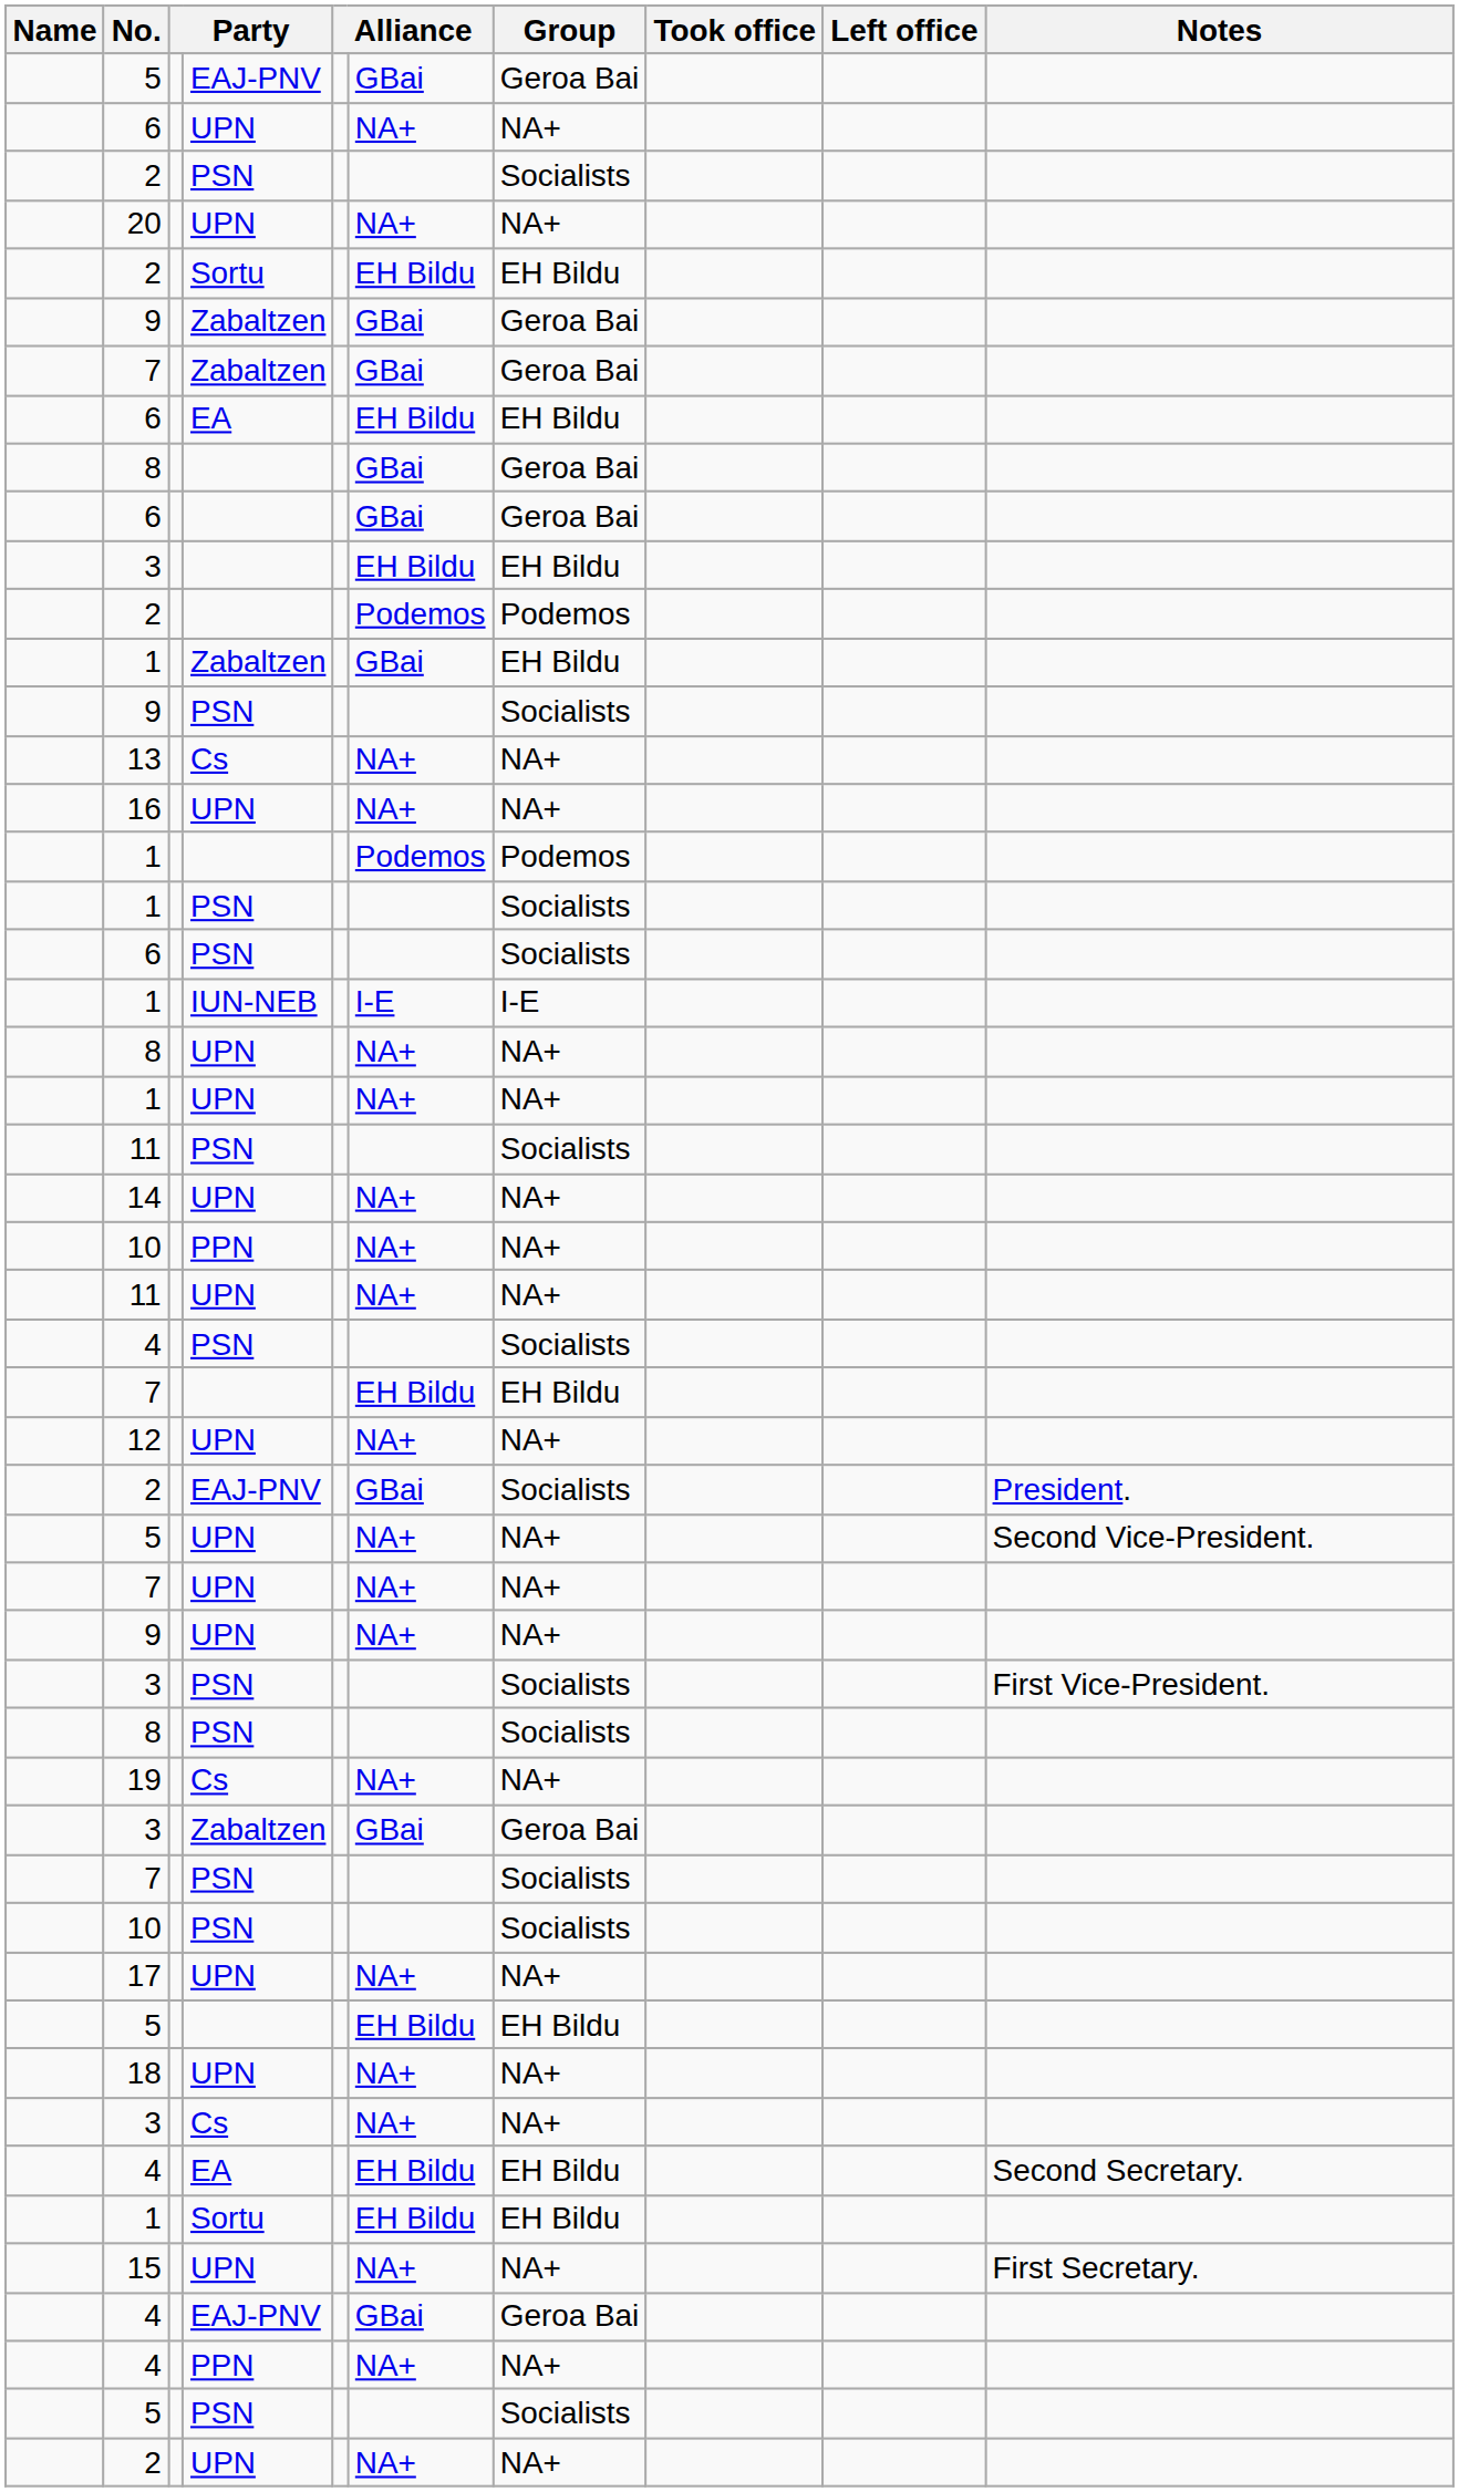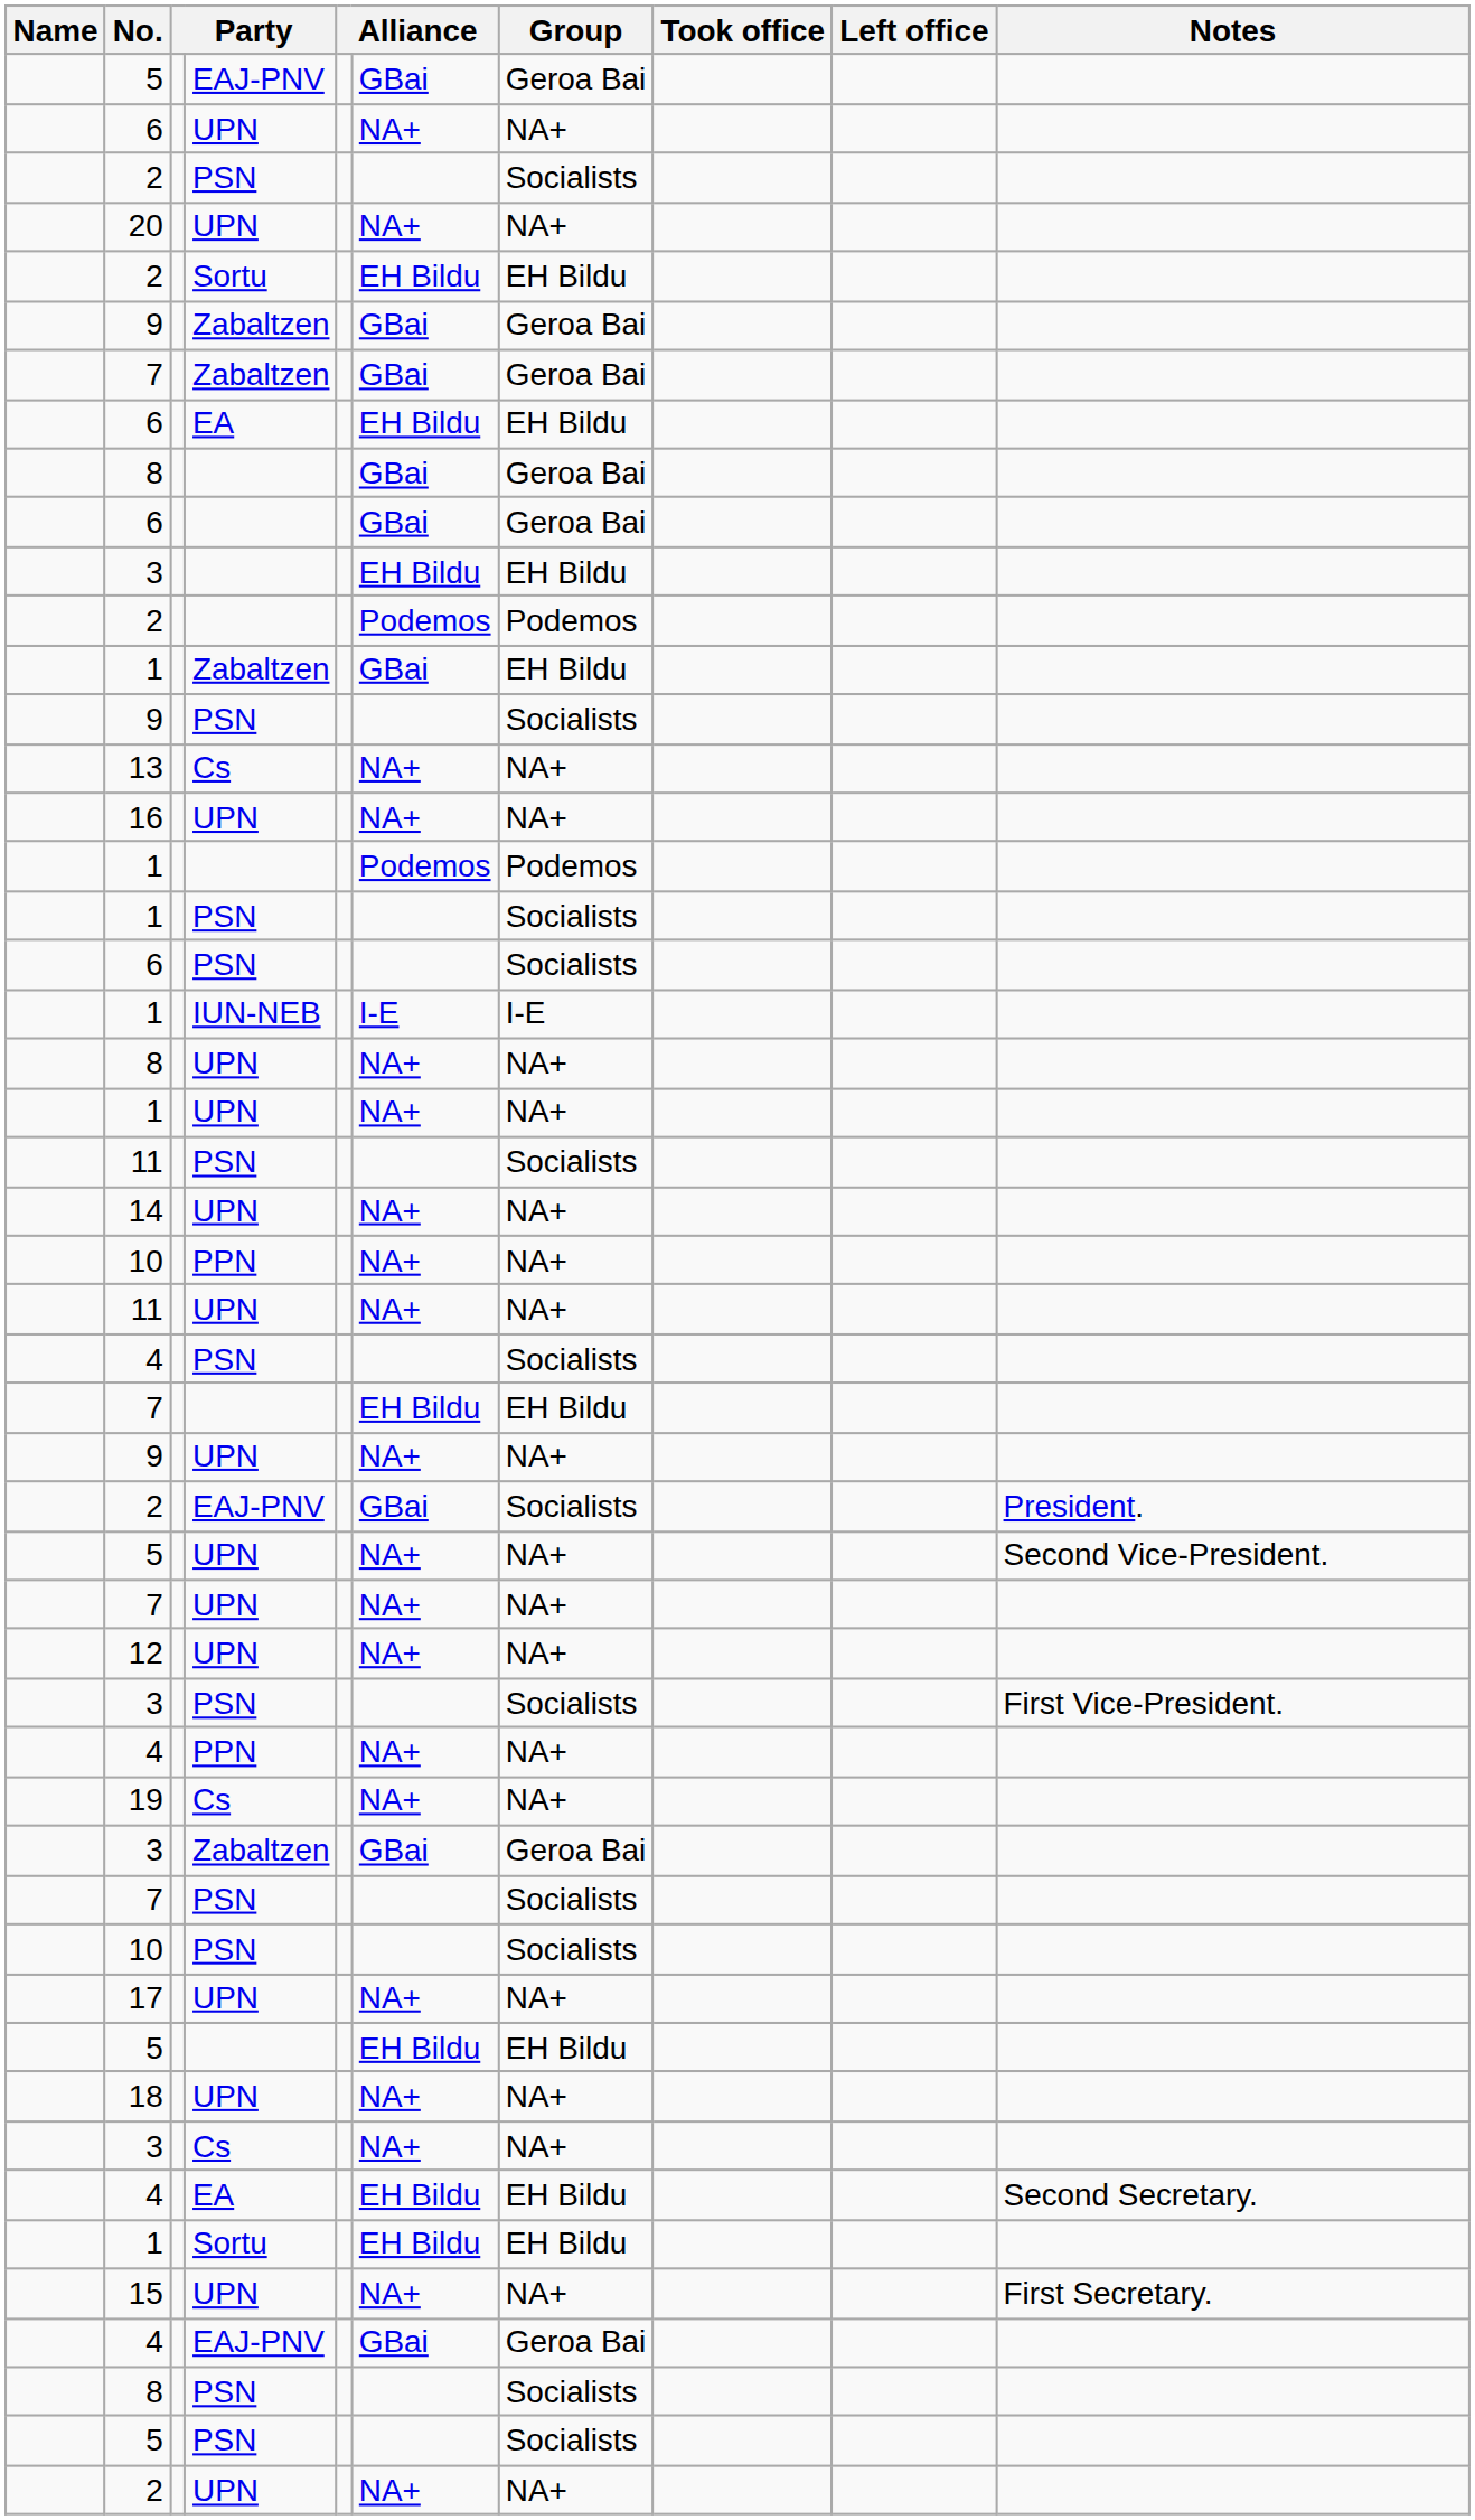 <table class="wikitable plainrowheaders sortable" style="font-size:85%; text-align:left;">
 <tr>
 <th scope=col>Name</th>
 <th scope=col>No.</th>
 <th scope=col colspan="2">Party</th>
 <th scope=col colspan="2">Alliance</th>
 <th scope=col>Group</th>
 <th scope=col>Took office</th>
 <th scope=col>Left office</th>
 <th scope=col width="200">Notes</th>
 </tr>
 <tr>
 <td></td>
 <td align=right>5</td>
 <td style="background:"></td>
 <td><a href='#'>EAJ-PNV</a></td>
 <td style="background:"></td>
 <td><a href='#'>GBai</a></td>
 <td>Geroa Bai</td>
 <td align=center></td>
 <td></td>
 <td></td>
 </tr>
 <tr>
 <td></td>
 <td align=right>6</td>
 <td style="background:"></td>
 <td><a href='#'>UPN</a></td>
 <td style="background:"></td>
 <td><a href='#'>NA+</a></td>
 <td>NA+</td>
 <td align=center></td>
 <td></td>
 <td></td>
 </tr>
 <tr>
 <td></td>
 <td align=right>2</td>
 <td style="background:"></td>
 <td><a href='#'>PSN</a></td>
 <td></td>
 <td></td>
 <td>Socialists</td>
 <td align=center></td>
 <td></td>
 <td></td>
 </tr>
 <tr>
 <td></td>
 <td align=right>20</td>
 <td style="background:"></td>
 <td><a href='#'>UPN</a></td>
 <td style="background:"></td>
 <td><a href='#'>NA+</a></td>
 <td>NA+</td>
 <td align=center></td>
 <td></td>
 <td></td>
 </tr>
 <tr>
 <td></td>
 <td align=right>2</td>
 <td style="background:"></td>
 <td><a href='#'>Sortu</a></td>
 <td style="background:"></td>
 <td><a href='#'>EH Bildu</a></td>
 <td>EH Bildu</td>
 <td align=center></td>
 <td></td>
 <td></td>
 </tr>
 <tr>
 <td></td>
 <td align=right>9</td>
 <td style="background:"></td>
 <td><a href='#'>Zabaltzen</a></td>
 <td style="background:"></td>
 <td><a href='#'>GBai</a></td>
 <td>Geroa Bai</td>
 <td align=center></td>
 <td></td>
 <td></td>
 </tr>
 <tr>
 <td></td>
 <td align=right>7</td>
 <td style="background:"></td>
 <td><a href='#'>Zabaltzen</a></td>
 <td style="background:"></td>
 <td><a href='#'>GBai</a></td>
 <td>Geroa Bai</td>
 <td align=center></td>
 <td></td>
 <td></td>
 </tr>
 <tr>
 <td></td>
 <td align=right>6</td>
 <td style="background:"></td>
 <td><a href='#'>EA</a></td>
 <td style="background:"></td>
 <td><a href='#'>EH Bildu</a></td>
 <td>EH Bildu</td>
 <td align=center></td>
 <td></td>
 <td></td>
 </tr>
 <tr>
 <td></td>
 <td align=right>8</td>
 <td></td>
 <td></td>
 <td style="background:"></td>
 <td><a href='#'>GBai</a></td>
 <td>Geroa Bai</td>
 <td align=center></td>
 <td></td>
 <td></td>
 </tr>
 <tr>
 <td></td>
 <td align=right>6</td>
 <td></td>
 <td></td>
 <td style="background:"></td>
 <td><a href='#'>GBai</a></td>
 <td>Geroa Bai</td>
 <td align=center></td>
 <td></td>
 <td></td>
 </tr>
 <tr>
 <td></td>
 <td align=right>3</td>
 <td></td>
 <td></td>
 <td style="background:"></td>
 <td><a href='#'>EH Bildu</a></td>
 <td>EH Bildu</td>
 <td align=center></td>
 <td></td>
 <td></td>
 </tr>
 <tr>
 <td></td>
 <td align=right>2</td>
 <td></td>
 <td></td>
 <td style="background:"></td>
 <td><a href='#'>Podemos</a></td>
 <td>Podemos</td>
 <td align=center></td>
 <td></td>
 <td></td>
 </tr>
 <tr>
 <td></td>
 <td align=right>1</td>
 <td style="background:"></td>
 <td><a href='#'>Zabaltzen</a></td>
 <td style="background:"></td>
 <td><a href='#'>GBai</a></td>
 <td>EH Bildu</td>
 <td align=center></td>
 <td></td>
 <td></td>
 </tr>
 <tr>
 <td></td>
 <td align=right>9</td>
 <td style="background:"></td>
 <td><a href='#'>PSN</a></td>
 <td></td>
 <td></td>
 <td>Socialists</td>
 <td align=center></td>
 <td></td>
 <td></td>
 </tr>
 <tr>
 <td></td>
 <td align=right>13</td>
 <td style="background:"></td>
 <td><a href='#'>Cs</a></td>
 <td style="background:"></td>
 <td><a href='#'>NA+</a></td>
 <td>NA+</td>
 <td align=center></td>
 <td></td>
 <td></td>
 </tr>
 <tr>
 <td></td>
 <td align=right>16</td>
 <td style="background:"></td>
 <td><a href='#'>UPN</a></td>
 <td style="background:"></td>
 <td><a href='#'>NA+</a></td>
 <td>NA+</td>
 <td align=center></td>
 <td></td>
 <td></td>
 </tr>
 <tr>
 <td></td>
 <td align=right>1</td>
 <td></td>
 <td></td>
 <td style="background:"></td>
 <td><a href='#'>Podemos</a></td>
 <td>Podemos</td>
 <td align=center></td>
 <td></td>
 <td></td>
 </tr>
 <tr>
 <td></td>
 <td align=right>1</td>
 <td style="background:"></td>
 <td><a href='#'>PSN</a></td>
 <td></td>
 <td></td>
 <td>Socialists</td>
 <td align=center></td>
 <td></td>
 <td></td>
 </tr>
 <tr>
 <td></td>
 <td align=right>6</td>
 <td style="background:"></td>
 <td><a href='#'>PSN</a></td>
 <td></td>
 <td></td>
 <td>Socialists</td>
 <td align=center></td>
 <td></td>
 <td></td>
 </tr>
 <tr>
 <td></td>
 <td align=right>1</td>
 <td style="background:"></td>
 <td><a href='#'>IUN-NEB</a></td>
 <td style="background:"></td>
 <td><a href='#'>I-E</a></td>
 <td>I-E</td>
 <td align=center></td>
 <td></td>
 <td></td>
 </tr>
 <tr>
 <td></td>
 <td align=right>8</td>
 <td style="background:"></td>
 <td><a href='#'>UPN</a></td>
 <td style="background:"></td>
 <td><a href='#'>NA+</a></td>
 <td>NA+</td>
 <td align=center></td>
 <td></td>
 <td></td>
 </tr>
 <tr>
 <td></td>
 <td align=right>1</td>
 <td style="background:"></td>
 <td><a href='#'>UPN</a></td>
 <td style="background:"></td>
 <td><a href='#'>NA+</a></td>
 <td>NA+</td>
 <td align=center></td>
 <td></td>
 <td></td>
 </tr>
 <tr>
 <td></td>
 <td align=right>11</td>
 <td style="background:"></td>
 <td><a href='#'>PSN</a></td>
 <td></td>
 <td></td>
 <td>Socialists</td>
 <td align=center></td>
 <td></td>
 <td></td>
 </tr>
 <tr>
 <td></td>
 <td align=right>14</td>
 <td style="background:"></td>
 <td><a href='#'>UPN</a></td>
 <td style="background:"></td>
 <td><a href='#'>NA+</a></td>
 <td>NA+</td>
 <td align=center></td>
 <td></td>
 <td></td>
 </tr>
 <tr>
 <td></td>
 <td align=right>10</td>
 <td style="background:"></td>
 <td><a href='#'>PPN</a></td>
 <td style="background:"></td>
 <td><a href='#'>NA+</a></td>
 <td>NA+</td>
 <td align=center></td>
 <td></td>
 <td></td>
 </tr>
 <tr>
 <td></td>
 <td align=right>11</td>
 <td style="background:"></td>
 <td><a href='#'>UPN</a></td>
 <td style="background:"></td>
 <td><a href='#'>NA+</a></td>
 <td>NA+</td>
 <td align=center></td>
 <td></td>
 <td></td>
 </tr>
 <tr>
 <td></td>
 <td align=right>4</td>
 <td style="background:"></td>
 <td><a href='#'>PSN</a></td>
 <td></td>
 <td></td>
 <td>Socialists</td>
 <td align=center></td>
 <td></td>
 <td></td>
 </tr>
 <tr>
 <td></td>
 <td align=right>7</td>
 <td></td>
 <td></td>
 <td style="background:"></td>
 <td><a href='#'>EH Bildu</a></td>
 <td>EH Bildu</td>
 <td align=center></td>
 <td></td>
 <td></td>
 </tr>
 <tr>
 <td></td>
-<td align=right>12</td>
+<td align=right>9</td>
 <td style="background:"></td>
 <td><a href='#'>UPN</a></td>
 <td style="background:"></td>
 <td><a href='#'>NA+</a></td>
 <td>NA+</td>
 <td align=center></td>
 <td></td>
 <td></td>
 </tr>
 <tr>
 <td></td>
 <td align=right>2</td>
 <td style="background:"></td>
 <td><a href='#'>EAJ-PNV</a></td>
 <td style="background:"></td>
 <td><a href='#'>GBai</a></td>
 <td>Socialists</td>
 <td align=center></td>
 <td></td>
 <td><a href='#'>President</a>.</td>
 </tr>
 <tr>
 <td></td>
 <td align=right>5</td>
 <td style="background:"></td>
 <td><a href='#'>UPN</a></td>
 <td style="background:"></td>
 <td><a href='#'>NA+</a></td>
 <td>NA+</td>
 <td align=center></td>
 <td></td>
 <td>Second Vice-President.</td>
 </tr>
 <tr>
 <td></td>
 <td align=right>7</td>
 <td style="background:"></td>
 <td><a href='#'>UPN</a></td>
 <td style="background:"></td>
 <td><a href='#'>NA+</a></td>
 <td>NA+</td>
 <td align=center></td>
 <td></td>
 <td></td>
 </tr>
 <tr>
 <td></td>
-<td align=right>9</td>
+<td align=right>12</td>
 <td style="background:"></td>
 <td><a href='#'>UPN</a></td>
 <td style="background:"></td>
 <td><a href='#'>NA+</a></td>
 <td>NA+</td>
 <td align=center></td>
 <td></td>
 <td></td>
 </tr>
 <tr>
 <td></td>
 <td align=right>3</td>
 <td style="background:"></td>
 <td><a href='#'>PSN</a></td>
 <td></td>
 <td></td>
 <td>Socialists</td>
 <td align=center></td>
 <td></td>
 <td>First Vice-President.</td>
 </tr>
 <tr>
 <td></td>
-<td align=right>8</td>
+<td align=right>4</td>
 <td style="background:"></td>
-<td><a href='#'>PSN</a></td>
-<td></td>
-<td></td>
-<td>Socialists</td>
+<td><a href='#'>PPN</a></td>
+<td style="background:"></td>
+<td><a href='#'>NA+</a></td>
+<td>NA+</td>
 <td align=center></td>
 <td></td>
 <td></td>
 </tr>
 <tr>
 <td></td>
 <td align=right>19</td>
 <td style="background:"></td>
 <td><a href='#'>Cs</a></td>
 <td style="background:"></td>
 <td><a href='#'>NA+</a></td>
 <td>NA+</td>
 <td align=center></td>
 <td></td>
 <td></td>
 </tr>
 <tr>
 <td></td>
 <td align=right>3</td>
 <td style="background:"></td>
 <td><a href='#'>Zabaltzen</a></td>
 <td style="background:"></td>
 <td><a href='#'>GBai</a></td>
 <td>Geroa Bai</td>
 <td align=center></td>
 <td></td>
 <td></td>
 </tr>
 <tr>
 <td></td>
 <td align=right>7</td>
 <td style="background:"></td>
 <td><a href='#'>PSN</a></td>
 <td></td>
 <td></td>
 <td>Socialists</td>
 <td align=center></td>
 <td></td>
 <td></td>
 </tr>
 <tr>
 <td></td>
 <td align=right>10</td>
 <td style="background:"></td>
 <td><a href='#'>PSN</a></td>
 <td></td>
 <td></td>
 <td>Socialists</td>
 <td align=center></td>
 <td></td>
 <td></td>
 </tr>
 <tr>
 <td></td>
 <td align=right>17</td>
 <td style="background:"></td>
 <td><a href='#'>UPN</a></td>
 <td style="background:"></td>
 <td><a href='#'>NA+</a></td>
 <td>NA+</td>
 <td align=center></td>
 <td></td>
 <td></td>
 </tr>
 <tr>
 <td></td>
 <td align=right>5</td>
 <td></td>
 <td></td>
 <td style="background:"></td>
 <td><a href='#'>EH Bildu</a></td>
 <td>EH Bildu</td>
 <td align=center></td>
 <td></td>
 <td></td>
 </tr>
 <tr>
 <td></td>
 <td align=right>18</td>
 <td style="background:"></td>
 <td><a href='#'>UPN</a></td>
 <td style="background:"></td>
 <td><a href='#'>NA+</a></td>
 <td>NA+</td>
 <td align=center></td>
 <td></td>
 <td></td>
 </tr>
 <tr>
 <td></td>
 <td align=right>3</td>
 <td style="background:"></td>
 <td><a href='#'>Cs</a></td>
 <td style="background:"></td>
 <td><a href='#'>NA+</a></td>
 <td>NA+</td>
 <td align=center></td>
 <td></td>
 <td></td>
 </tr>
 <tr>
 <td></td>
 <td align=right>4</td>
 <td style="background:"></td>
 <td><a href='#'>EA</a></td>
 <td style="background:"></td>
 <td><a href='#'>EH Bildu</a></td>
 <td>EH Bildu</td>
 <td align=center></td>
 <td></td>
 <td>Second Secretary.</td>
 </tr>
 <tr>
 <td></td>
 <td align=right>1</td>
 <td style="background:"></td>
 <td><a href='#'>Sortu</a></td>
 <td style="background:"></td>
 <td><a href='#'>EH Bildu</a></td>
 <td>EH Bildu</td>
 <td align=center></td>
 <td></td>
 <td></td>
 </tr>
 <tr>
 <td></td>
 <td align=right>15</td>
 <td style="background:"></td>
 <td><a href='#'>UPN</a></td>
 <td style="background:"></td>
 <td><a href='#'>NA+</a></td>
 <td>NA+</td>
 <td align=center></td>
 <td></td>
 <td>First Secretary.</td>
 </tr>
 <tr>
 <td></td>
 <td align=right>4</td>
 <td style="background:"></td>
 <td><a href='#'>EAJ-PNV</a></td>
 <td style="background:"></td>
 <td><a href='#'>GBai</a></td>
 <td>Geroa Bai</td>
 <td align=center></td>
 <td></td>
 <td></td>
 </tr>
 <tr>
 <td></td>
-<td align=right>4</td>
+<td align=right>8</td>
 <td style="background:"></td>
-<td><a href='#'>PPN</a></td>
-<td style="background:"></td>
-<td><a href='#'>NA+</a></td>
-<td>NA+</td>
+<td><a href='#'>PSN</a></td>
+<td></td>
+<td></td>
+<td>Socialists</td>
 <td align=center></td>
 <td></td>
 <td></td>
 </tr>
 <tr>
 <td></td>
 <td align=right>5</td>
 <td style="background:"></td>
 <td><a href='#'>PSN</a></td>
 <td></td>
 <td></td>
 <td>Socialists</td>
 <td align=center></td>
 <td></td>
 <td></td>
 </tr>
 <tr>
 <td></td>
 <td align=right>2</td>
 <td style="background:"></td>
 <td><a href='#'>UPN</a></td>
 <td style="background:"></td>
 <td><a href='#'>NA+</a></td>
 <td>NA+</td>
 <td align=center></td>
 <td></td>
 <td></td>
 </tr>
 </table>
